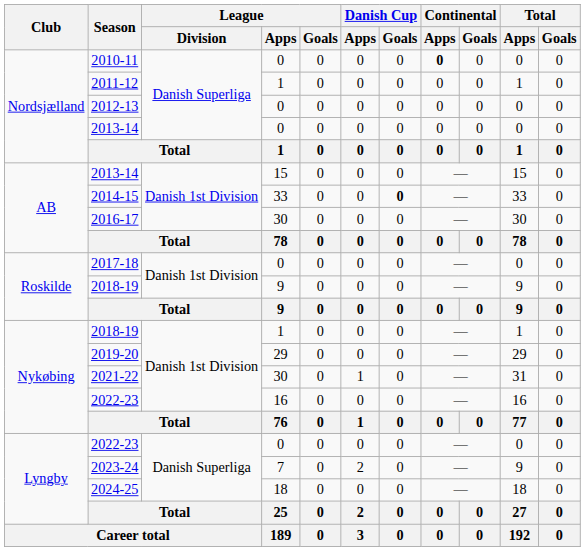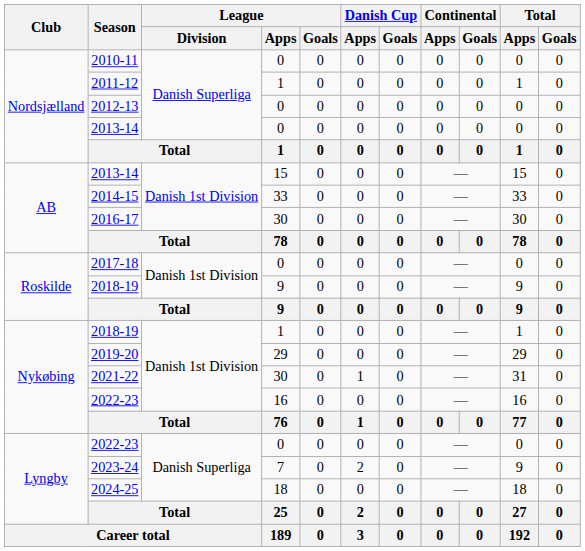 <table class="wikitable" style="text-align:center">
 <tr>
 <th rowspan="2">Club</th>
 <th rowspan="2">Season</th>
 <th colspan="3">League</th>
 <th colspan="2"><a href='#'>Danish Cup</a></th>
 <th colspan="2">Continental</th>
 <th colspan="2">Total</th>
 </tr>
 <tr>
 <th>Division</th>
 <th>Apps</th>
 <th>Goals</th>
 <th>Apps</th>
 <th>Goals</th>
 <th>Apps</th>
 <th>Goals</th>
 <th>Apps</th>
 <th>Goals</th>
 </tr>
 <tr>
 <td rowspan="5"><a href='#'>Nordsjælland</a></td>
 <td><a href='#'>2010-11</a></td>
 <td rowspan=4><a href='#'>Danish Superliga</a></td>
 <td>0</td>
 <td>0</td>
 <td>0</td>
 <td>0</td>
-<td><strong>0</strong></td>
+<td>0</td>
 <td>0</td>
 <td>0</td>
 <td>0</td>
 </tr>
 <tr>
 <td><a href='#'>2011-12</a></td>
 <td>1</td>
 <td>0</td>
 <td>0</td>
 <td>0</td>
 <td>0</td>
 <td>0</td>
 <td>1</td>
 <td>0</td>
 </tr>
 <tr>
 <td><a href='#'>2012-13</a></td>
 <td>0</td>
 <td>0</td>
 <td>0</td>
 <td>0</td>
 <td>0</td>
 <td>0</td>
 <td>0</td>
 <td>0</td>
 </tr>
 <tr>
 <td><a href='#'>2013-14</a></td>
 <td>0</td>
 <td>0</td>
 <td>0</td>
 <td>0</td>
 <td>0</td>
 <td>0</td>
 <td>0</td>
 <td>0</td>
 </tr>
 <tr>
 <th colspan="2">Total</th>
 <th>1</th>
 <th>0</th>
 <th>0</th>
 <th>0</th>
 <th>0</th>
 <th>0</th>
 <th>1</th>
 <th>0</th>
 </tr>
 <tr>
 <td rowspan="4"><a href='#'>AB</a></td>
 <td><a href='#'>2013-14</a></td>
 <td rowspan=3><a href='#'>Danish 1st Division</a></td>
 <td>15</td>
 <td>0</td>
 <td>0</td>
 <td>0</td>
 <td colspan="2">—</td>
 <td>15</td>
 <td>0</td>
 </tr>
 <tr>
 <td><a href='#'>2014-15</a></td>
 <td>33</td>
 <td>0</td>
 <td>0</td>
-<td><strong>0</strong></td>
+<td>0</td>
 <td colspan="2">—</td>
 <td>33</td>
 <td>0</td>
 </tr>
 <tr>
 <td><a href='#'>2016-17</a></td>
 <td>30</td>
 <td>0</td>
 <td>0</td>
 <td>0</td>
 <td colspan="2">—</td>
 <td>30</td>
 <td>0</td>
 </tr>
 <tr>
 <th colspan="2">Total</th>
 <th>78</th>
 <th>0</th>
 <th>0</th>
 <th>0</th>
 <th>0</th>
 <th>0</th>
 <th>78</th>
 <th>0</th>
 </tr>
 <tr>
 <td rowspan="3"><a href='#'>Roskilde</a></td>
 <td><a href='#'>2017-18</a></td>
 <td rowspan=2>Danish 1st Division</td>
 <td>0</td>
 <td>0</td>
 <td>0</td>
 <td>0</td>
 <td colspan="2">—</td>
 <td>0</td>
 <td>0</td>
 </tr>
 <tr>
 <td><a href='#'>2018-19</a></td>
 <td>9</td>
 <td>0</td>
 <td>0</td>
 <td>0</td>
 <td colspan="2">—</td>
 <td>9</td>
 <td>0</td>
 </tr>
 <tr>
 <th colspan="2">Total</th>
 <th>9</th>
 <th>0</th>
 <th>0</th>
 <th>0</th>
 <th>0</th>
 <th>0</th>
 <th>9</th>
 <th>0</th>
 </tr>
 <tr>
 <td rowspan="5"><a href='#'>Nykøbing</a></td>
 <td><a href='#'>2018-19</a></td>
 <td rowspan=4>Danish 1st Division</td>
 <td>1</td>
 <td>0</td>
 <td>0</td>
 <td>0</td>
 <td colspan="2">—</td>
 <td>1</td>
 <td>0</td>
 </tr>
 <tr>
 <td><a href='#'>2019-20</a></td>
 <td>29</td>
 <td>0</td>
 <td>0</td>
 <td>0</td>
 <td colspan="2">—</td>
 <td>29</td>
 <td>0</td>
 </tr>
 <tr>
 <td><a href='#'>2021-22</a></td>
 <td>30</td>
 <td>0</td>
 <td>1</td>
 <td>0</td>
 <td colspan="2">—</td>
 <td>31</td>
 <td>0</td>
 </tr>
 <tr>
 <td><a href='#'>2022-23</a></td>
 <td>16</td>
 <td>0</td>
 <td>0</td>
 <td>0</td>
 <td colspan="2">—</td>
 <td>16</td>
 <td>0</td>
 </tr>
 <tr>
 <th colspan="2">Total</th>
 <th>76</th>
 <th>0</th>
 <th>1</th>
 <th>0</th>
 <th>0</th>
 <th>0</th>
 <th>77</th>
 <th>0</th>
 </tr>
 <tr>
 <td rowspan="4"><a href='#'>Lyngby</a></td>
 <td><a href='#'>2022-23</a></td>
 <td rowspan=3>Danish Superliga</td>
 <td>0</td>
 <td>0</td>
 <td>0</td>
 <td>0</td>
 <td colspan="2">—</td>
 <td>0</td>
 <td>0</td>
 </tr>
 <tr>
 <td><a href='#'>2023-24</a></td>
 <td>7</td>
 <td>0</td>
 <td>2</td>
 <td>0</td>
 <td colspan="2">—</td>
 <td>9</td>
 <td>0</td>
 </tr>
 <tr>
 <td><a href='#'>2024-25</a></td>
 <td>18</td>
 <td>0</td>
 <td>0</td>
 <td>0</td>
 <td colspan="2">—</td>
 <td>18</td>
 <td>0</td>
 </tr>
 <tr>
 <th colspan="2">Total</th>
 <th>25</th>
 <th>0</th>
 <th>2</th>
 <th>0</th>
 <th>0</th>
 <th>0</th>
 <th>27</th>
 <th>0</th>
 </tr>
 <tr>
 <th colspan="3">Career total</th>
 <th>189</th>
 <th>0</th>
 <th>3</th>
 <th>0</th>
 <th>0</th>
 <th>0</th>
 <th>192</th>
 <th>0</th>
 </tr>
 </table>
